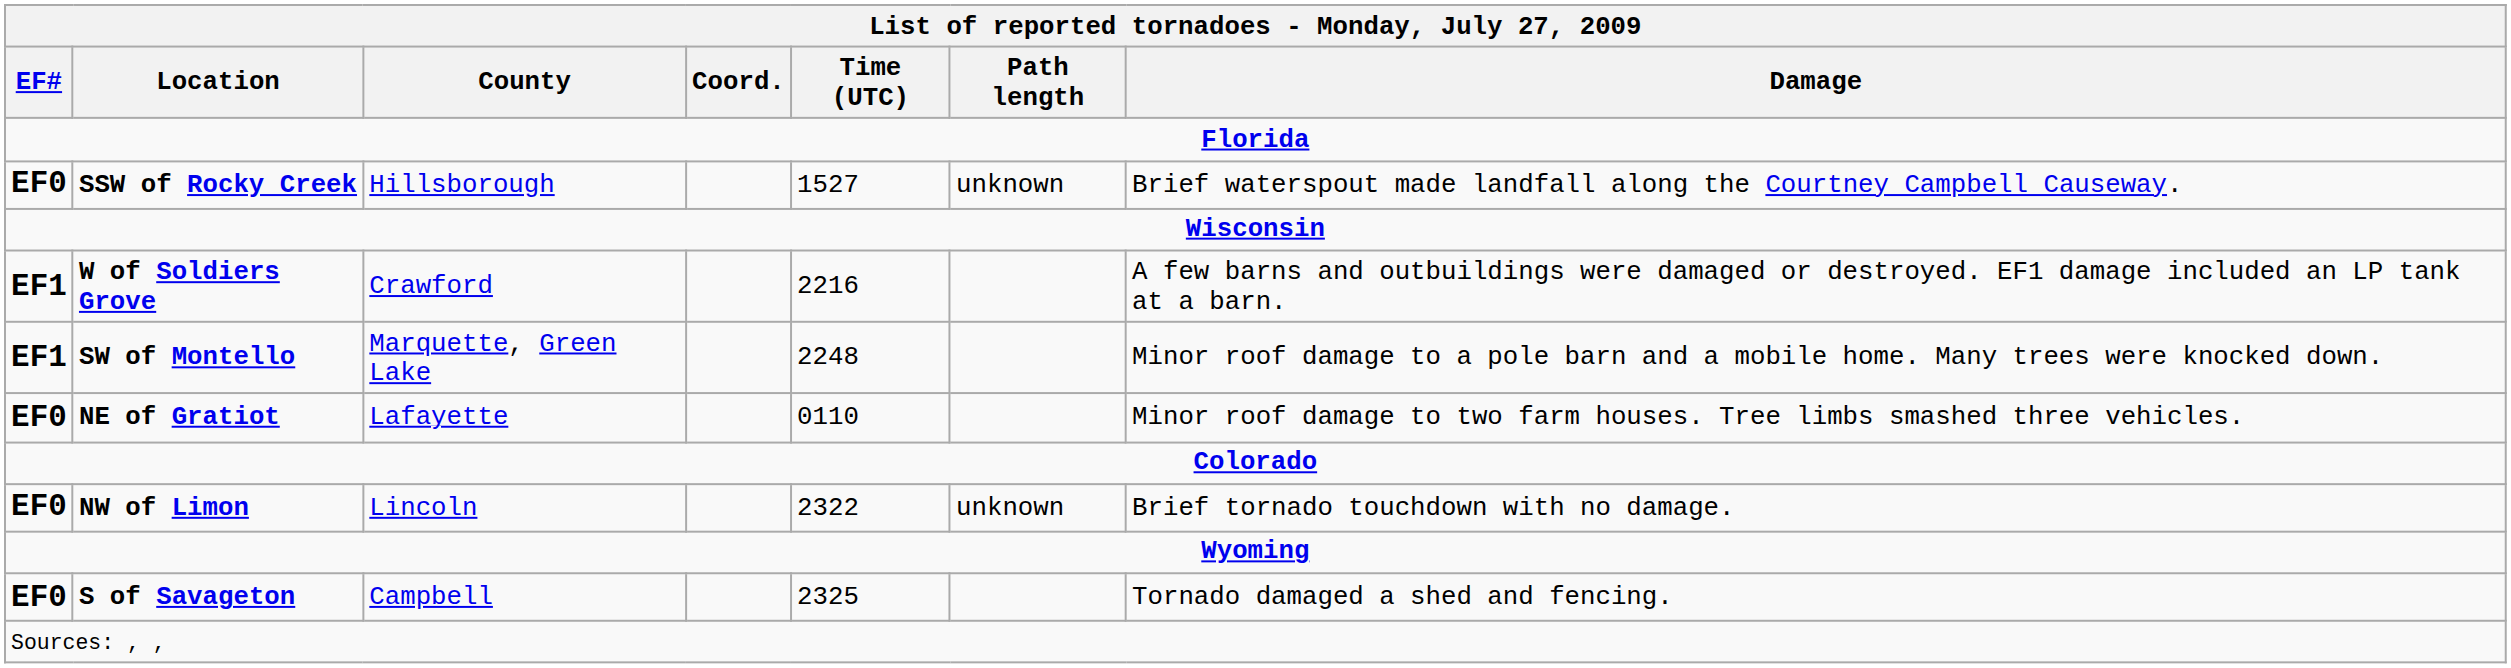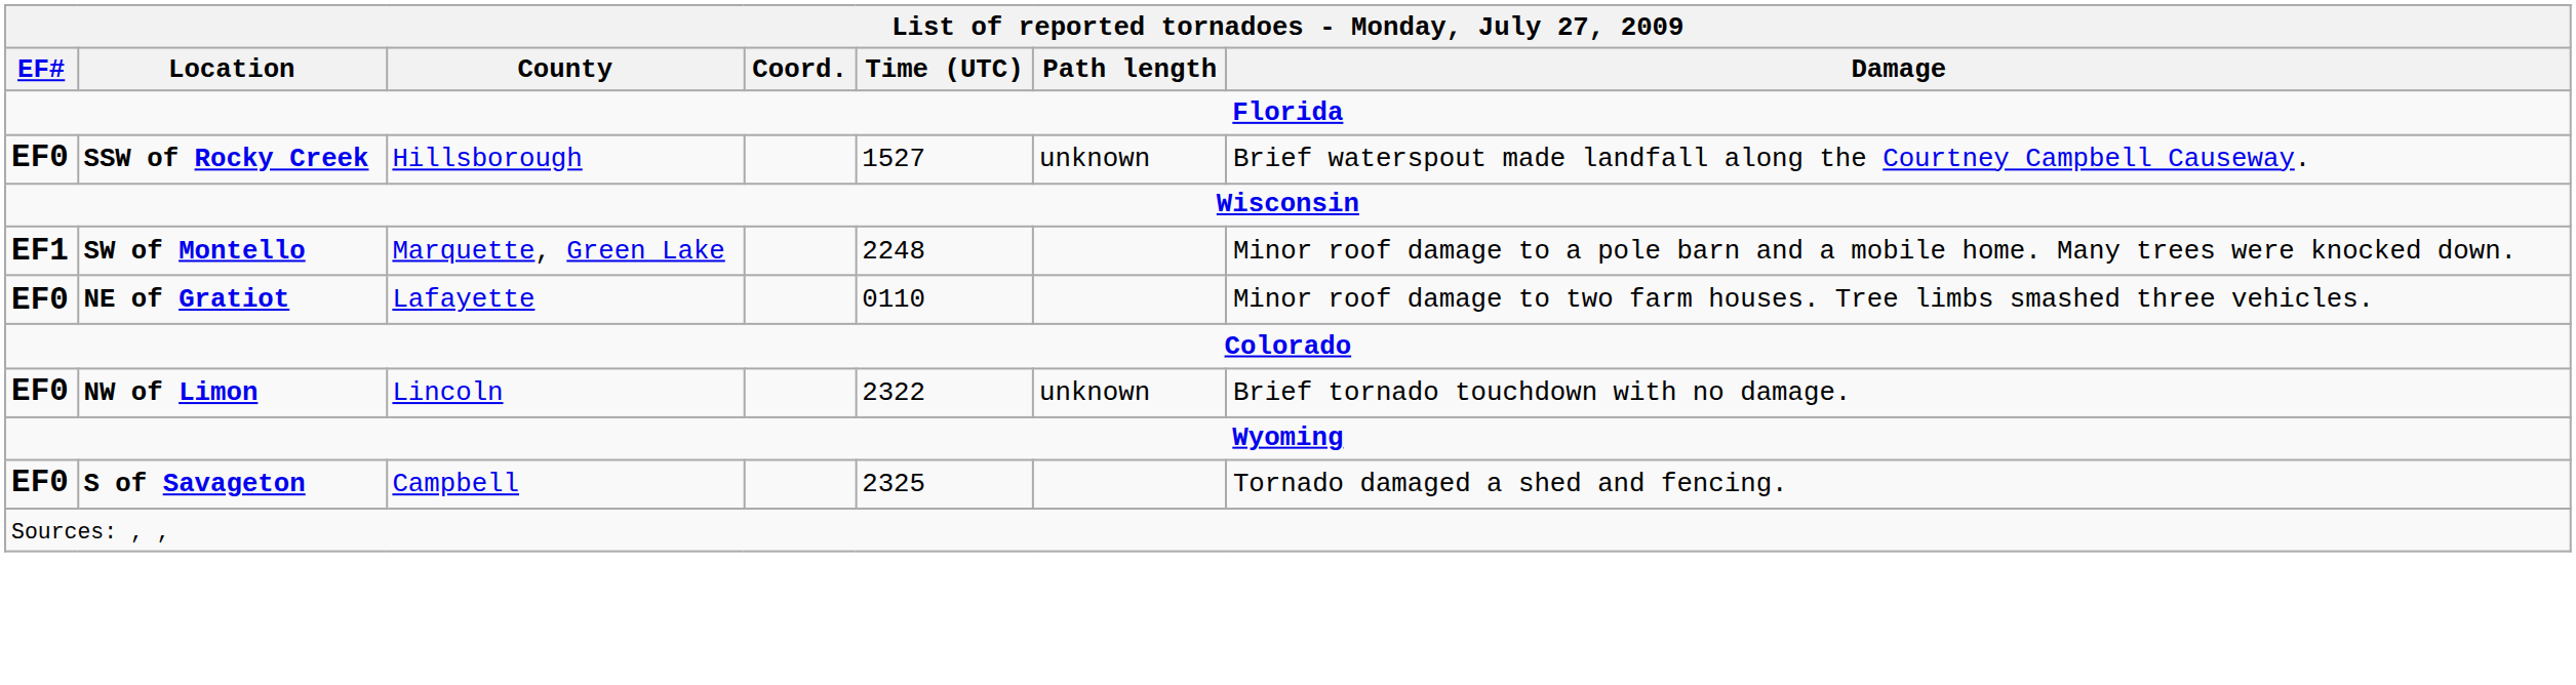 <table class="wikitable collapsible" style="width:100%;">
 <tr>
 <th colspan="7">List of reported tornadoes - Monday, July 27, 2009</th>
 </tr>
 <tr>
 <th><a href='#'>EF#</a></th>
 <th>Location</th>
 <th>County</th>
 <th>Coord.</th>
 <th>Time (UTC)</th>
 <th>Path length</th>
 <th>Damage</th>
 </tr>
 <tr>
 <td colspan="7" style="text-align:center;"><strong><a href='#'>Florida</a></strong></td>
 </tr>
 <tr>
 <td><big><strong>EF0</strong></big></td>
 <td><strong>SSW of <a href='#'>Rocky Creek</a></strong></td>
 <td><a href='#'>Hillsborough</a></td>
 <td></td>
 <td>1527</td>
 <td>unknown</td>
 <td>Brief waterspout made landfall along the <a href='#'>Courtney Campbell Causeway</a>.</td>
 </tr>
 <tr>
 <td colspan="7" style="text-align:center;"><strong><a href='#'>Wisconsin</a></strong></td>
-</tr>
-<tr>
-<td><big><strong>EF1</strong></big></td>
-<td><strong>W of <a href='#'>Soldiers Grove</a></strong></td>
-<td><a href='#'>Crawford</a></td>
-<td></td>
-<td>2216</td>
-<td></td>
-<td>A few barns and outbuildings were damaged or destroyed. EF1 damage included an LP tank at a barn.</td>
 </tr>
 <tr>
 <td><big><strong>EF1</strong></big></td>
 <td><strong>SW of <a href='#'>Montello</a></strong></td>
 <td><a href='#'>Marquette</a>, <a href='#'>Green Lake</a></td>
 <td></td>
 <td>2248</td>
 <td></td>
 <td>Minor roof damage to a pole barn and a mobile home. Many trees were knocked down.</td>
 </tr>
 <tr>
 <td><big><strong>EF0</strong></big></td>
 <td><strong>NE of <a href='#'>Gratiot</a></strong></td>
 <td><a href='#'>Lafayette</a></td>
 <td></td>
 <td>0110</td>
 <td></td>
 <td>Minor roof damage to two farm houses. Tree limbs smashed three vehicles.</td>
 </tr>
 <tr>
 <td colspan="7" style="text-align:center;"><strong><a href='#'>Colorado</a></strong></td>
 </tr>
 <tr>
 <td><big><strong>EF0</strong></big></td>
 <td><strong>NW of <a href='#'>Limon</a></strong></td>
 <td><a href='#'>Lincoln</a></td>
 <td></td>
 <td>2322</td>
 <td>unknown</td>
 <td>Brief tornado touchdown with no damage.</td>
 </tr>
 <tr>
 <td colspan="7" style="text-align:center;"><strong><a href='#'>Wyoming</a></strong></td>
 </tr>
 <tr>
 <td><big><strong>EF0</strong></big></td>
 <td><strong>S of <a href='#'>Savageton</a></strong></td>
 <td><a href='#'>Campbell</a></td>
 <td></td>
 <td>2325</td>
 <td></td>
 <td>Tornado damaged a shed and fencing.</td>
 </tr>
 <tr>
 <td colspan="7"><small>Sources:  , , </small></td>
 </tr>
 </table>
